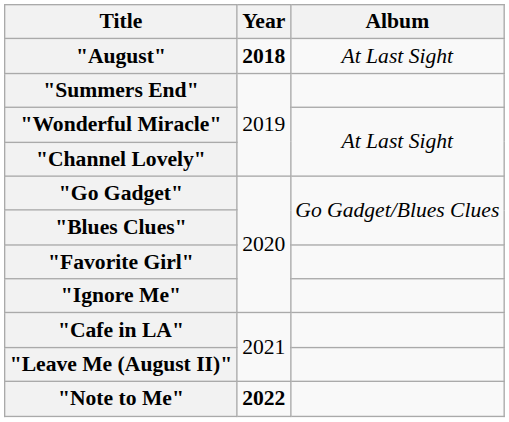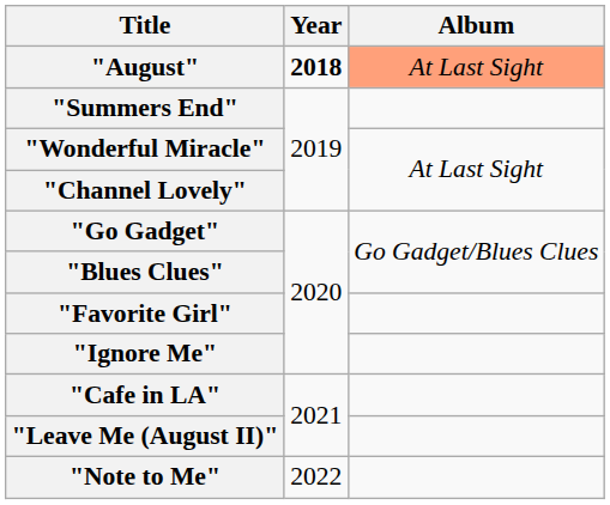 <table class="wikitable plainrowheaders" style="text-align:center;">
 <tr>
 <th scope="col">Title</th>
 <th scope="col">Year</th>
 <th scope="col">Album</th>
 </tr>
 <tr>
 <th scope="row">"August"</th>
 <td><strong>2018</strong></td>
-<td><em>At Last Sight</em></td>
+<td style="background: lightsalmon;"><em>At Last Sight</em></td>
 </tr>
 <tr>
 <th scope="row">"Summers End"</th>
 <td rowspan="3">2019</td>
 <td></td>
 </tr>
 <tr>
 <th scope="row">"Wonderful Miracle"</th>
 <td rowspan="2"><em>At Last Sight</em></td>
 </tr>
 <tr>
 <th scope="row">"Channel Lovely"</th>
 </tr>
 <tr>
 <th scope="row">"Go Gadget" </th>
 <td rowspan="4">2020</td>
 <td rowspan="2"><em>Go Gadget/Blues Clues</em></td>
 </tr>
 <tr>
 <th scope="row">"Blues Clues" </th>
 </tr>
 <tr>
 <th scope="row">"Favorite Girl"</th>
 <td></td>
 </tr>
 <tr>
 <th scope="row">"Ignore Me"</th>
 <td></td>
 </tr>
 <tr>
 <th scope="row">"Cafe in LA"</th>
 <td rowspan="2">2021</td>
 <td></td>
 </tr>
 <tr>
 <th scope="row">"Leave Me (August II)"</th>
 <td></td>
 </tr>
 <tr>
 <th scope="row">"Note to Me"</th>
-<td><strong>2022</strong></td>
+<td>2022</td>
 <td></td>
 </tr>
 </table>
